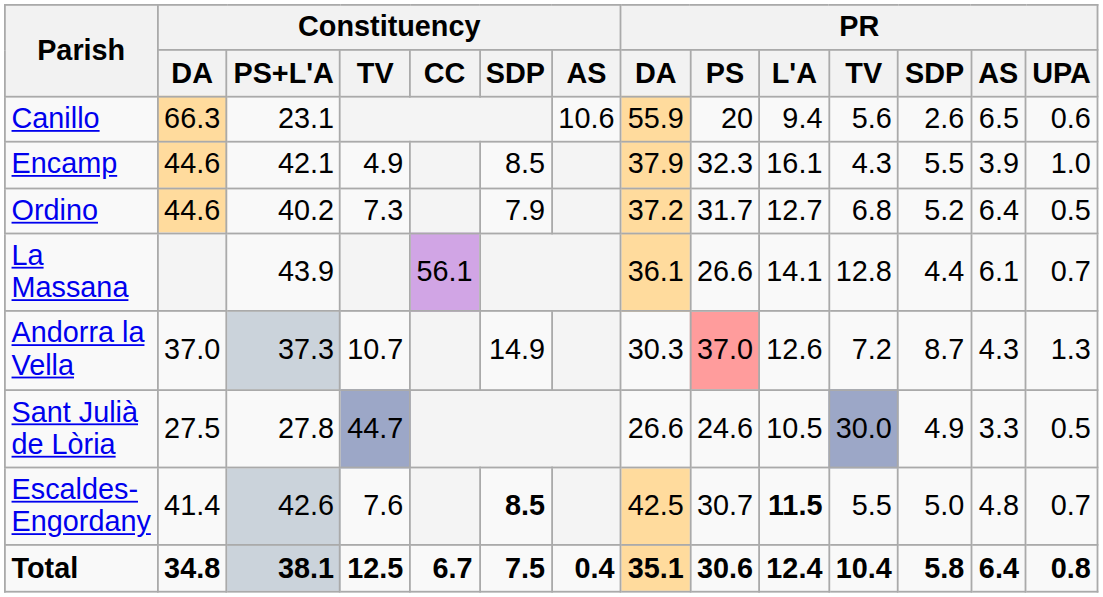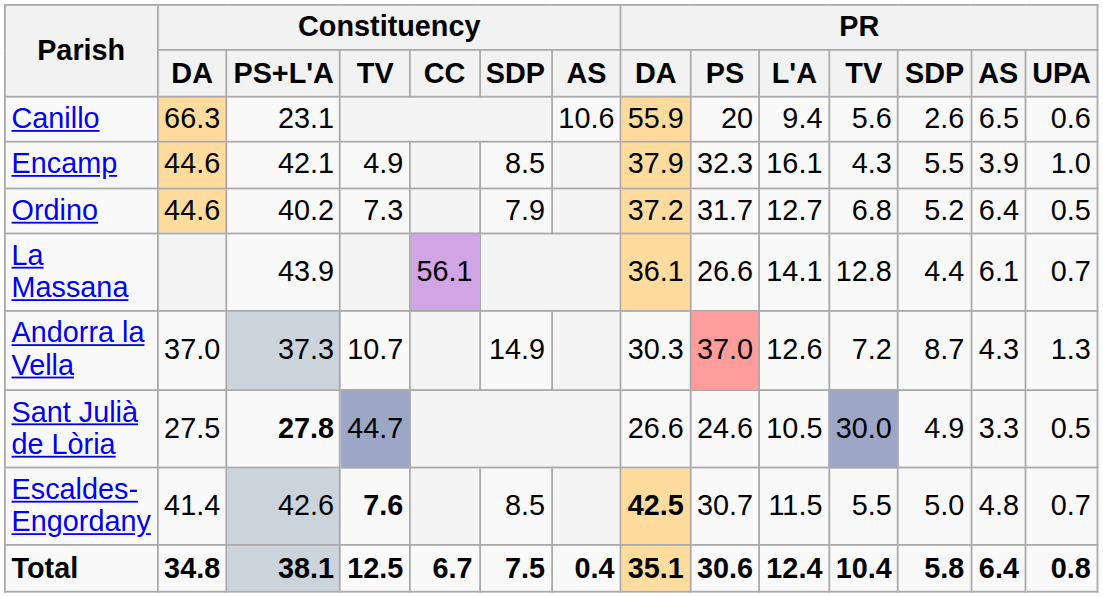 <table class="wikitable sortable" style=text-align:right>
 <tr>
 <th rowspan=2>Parish</th>
 <th colspan=6>Constituency</th>
 <th colspan=7>PR</th>
 </tr>
 <tr>
 <th width="30px">DA</th>
 <th width="30px">PS+L'A</th>
 <th width="30px">TV</th>
 <th width="30px">CC</th>
 <th width="30px">SDP</th>
 <th width="30px">AS</th>
 <th width="30px">DA</th>
 <th width="30px">PS</th>
 <th width="30px">L'A</th>
 <th width="30px">TV</th>
 <th width="30px">SDP</th>
 <th width="30px">AS</th>
 <th width="30px">UPA</th>
 </tr>
 <tr>
 <td align=left><a href='#'>Canillo</a></td>
 <td style="background:#ffdb9d">66.3</td>
 <td>23.1</td>
 <td colspan=3 bgcolor=#F4F4F4></td>
 <td>10.6</td>
 <td style="background:#ffdb9d">55.9</td>
 <td>20</td>
 <td>9.4</td>
 <td>5.6</td>
 <td>2.6</td>
 <td>6.5</td>
 <td>0.6</td>
 </tr>
 <tr>
 <td align=left><a href='#'>Encamp</a></td>
 <td style="background:#ffdb9d">44.6</td>
 <td>42.1</td>
 <td>4.9</td>
 <td bgcolor=#F4F4F4></td>
 <td>8.5</td>
 <td bgcolor=#F4F4F4></td>
 <td style="background:#ffdb9d">37.9</td>
 <td>32.3</td>
 <td>16.1</td>
 <td>4.3</td>
 <td>5.5</td>
 <td>3.9</td>
 <td>1.0</td>
 </tr>
 <tr>
 <td align=left><a href='#'>Ordino</a></td>
 <td style="background:#ffdb9d">44.6</td>
 <td>40.2</td>
 <td>7.3</td>
 <td bgcolor=#F4F4F4></td>
 <td>7.9</td>
 <td bgcolor=#F4F4F4></td>
 <td style="background:#ffdb9d">37.2</td>
 <td>31.7</td>
 <td>12.7</td>
 <td>6.8</td>
 <td>5.2</td>
 <td>6.4</td>
 <td>0.5</td>
 </tr>
 <tr>
 <td align=left><a href='#'>La Massana</a></td>
 <td bgcolor=#F4F4F4></td>
 <td>43.9</td>
 <td bgcolor=#F4F4F4></td>
 <td bgcolor=#d1a5e5>56.1</td>
 <td bgcolor=#F4F4F4 colspan=2></td>
 <td style="background:#ffdb9d">36.1</td>
 <td>26.6</td>
 <td>14.1</td>
 <td>12.8</td>
 <td>4.4</td>
 <td>6.1</td>
 <td>0.7</td>
 </tr>
 <tr>
 <td align=left><a href='#'>Andorra la Vella</a></td>
 <td>37.0</td>
 <td bgcolor=#cbd3db>37.3</td>
 <td>10.7</td>
 <td bgcolor=#F4F4F4></td>
 <td>14.9</td>
 <td bgcolor=#F4F4F4></td>
 <td>30.3</td>
 <td bgcolor=#ff9c9c>37.0</td>
 <td>12.6</td>
 <td>7.2</td>
 <td>8.7</td>
 <td>4.3</td>
 <td>1.3</td>
 </tr>
 <tr>
 <td align=left><a href='#'>Sant Julià de Lòria</a></td>
 <td>27.5</td>
-<td>27.8</td>
+<td><strong>27.8</strong></td>
 <td bgcolor='#9ca7c7'>44.7</td>
 <td bgcolor=#F4F4F4 colspan=3></td>
 <td>26.6</td>
 <td>24.6</td>
 <td>10.5</td>
 <td bgcolor='#9ca7c7'>30.0</td>
 <td>4.9</td>
 <td>3.3</td>
 <td>0.5</td>
 </tr>
 <tr>
 <td align=left><a href='#'>Escaldes-Engordany</a></td>
 <td>41.4</td>
 <td bgcolor=#cbd3db>42.6</td>
-<td>7.6</td>
+<td><strong>7.6</strong></td>
 <td bgcolor=#F4F4F4></td>
-<td><strong>8.5</strong></td>
+<td>8.5</td>
 <td bgcolor=#F4F4F4></td>
-<td style="background:#ffdb9d">42.5</td>
+<td style="background:#ffdb9d"><strong>42.5</strong></td>
 <td>30.7</td>
-<td><strong>11.5</strong></td>
+<td>11.5</td>
 <td>5.5</td>
 <td>5.0</td>
 <td>4.8</td>
 <td>0.7</td>
 </tr>
 <tr>
 <td align=left><strong>Total</strong></td>
 <td><strong>34.8</strong></td>
 <td bgcolor=#cbd3db><strong>38.1</strong></td>
 <td><strong>12.5</strong></td>
 <td><strong>6.7</strong></td>
 <td><strong>7.5</strong></td>
 <td><strong>0.4</strong></td>
 <td bgcolor=#ffdb9d><strong>35.1</strong></td>
 <td><strong>30.6</strong></td>
 <td><strong>12.4</strong></td>
 <td><strong>10.4</strong></td>
 <td><strong>5.8</strong></td>
 <td><strong>6.4</strong></td>
 <td><strong>0.8</strong></td>
 </tr>
 </table>
